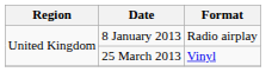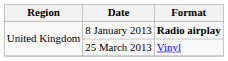 <table class=wikitable>
 <tr>
 <th scope="col">Region</th>
 <th scope="col">Date</th>
 <th scope="col">Format</th>
 </tr>
 <tr>
 <td rowspan="2">United Kingdom</td>
 <td>8 January 2013</td>
-<td>Radio airplay</td>
+<td><strong>Radio airplay</strong></td>
 </tr>
 <tr>
 <td>25 March 2013</td>
 <td><a href='#'>Vinyl</a></td>
 </tr>
 <tr>
 </tr>
 </table>
